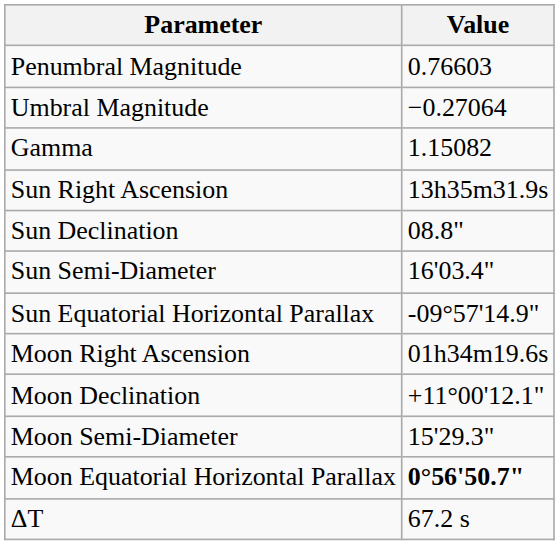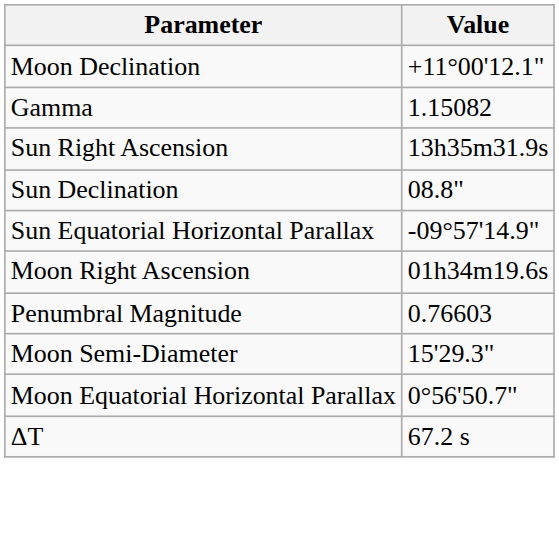 <table class="wikitable">
 <tr>
 <th>Parameter</th>
 <th>Value</th>
 </tr>
 <tr>
-<td>Penumbral Magnitude</td>
-<td>0.76603</td>
-</tr>
-<tr>
-<td>Umbral Magnitude</td>
-<td>−0.27064</td>
+<td>Moon Declination</td>
+<td>+11°00'12.1"</td>
 </tr>
 <tr>
 <td>Gamma</td>
 <td>1.15082</td>
 </tr>
 <tr>
 <td>Sun Right Ascension</td>
 <td>13h35m31.9s</td>
 </tr>
 <tr>
 <td>Sun Declination</td>
 <td>08.8"</td>
 </tr>
 <tr>
-<td>Sun Semi-Diameter</td>
-<td>16'03.4"</td>
-</tr>
-<tr>
 <td>Sun Equatorial Horizontal Parallax</td>
 <td>-09°57'14.9"</td>
 </tr>
 <tr>
 <td>Moon Right Ascension</td>
 <td>01h34m19.6s</td>
 </tr>
 <tr>
-<td>Moon Declination</td>
-<td>+11°00'12.1"</td>
+<td>Penumbral Magnitude</td>
+<td>0.76603</td>
 </tr>
 <tr>
 <td>Moon Semi-Diameter</td>
 <td>15'29.3"</td>
 </tr>
 <tr>
 <td>Moon Equatorial Horizontal Parallax</td>
-<td><strong>0°56'50.7"</strong></td>
+<td>0°56'50.7"</td>
 </tr>
 <tr>
 <td>ΔT</td>
 <td>67.2 s</td>
 </tr>
 </table>
